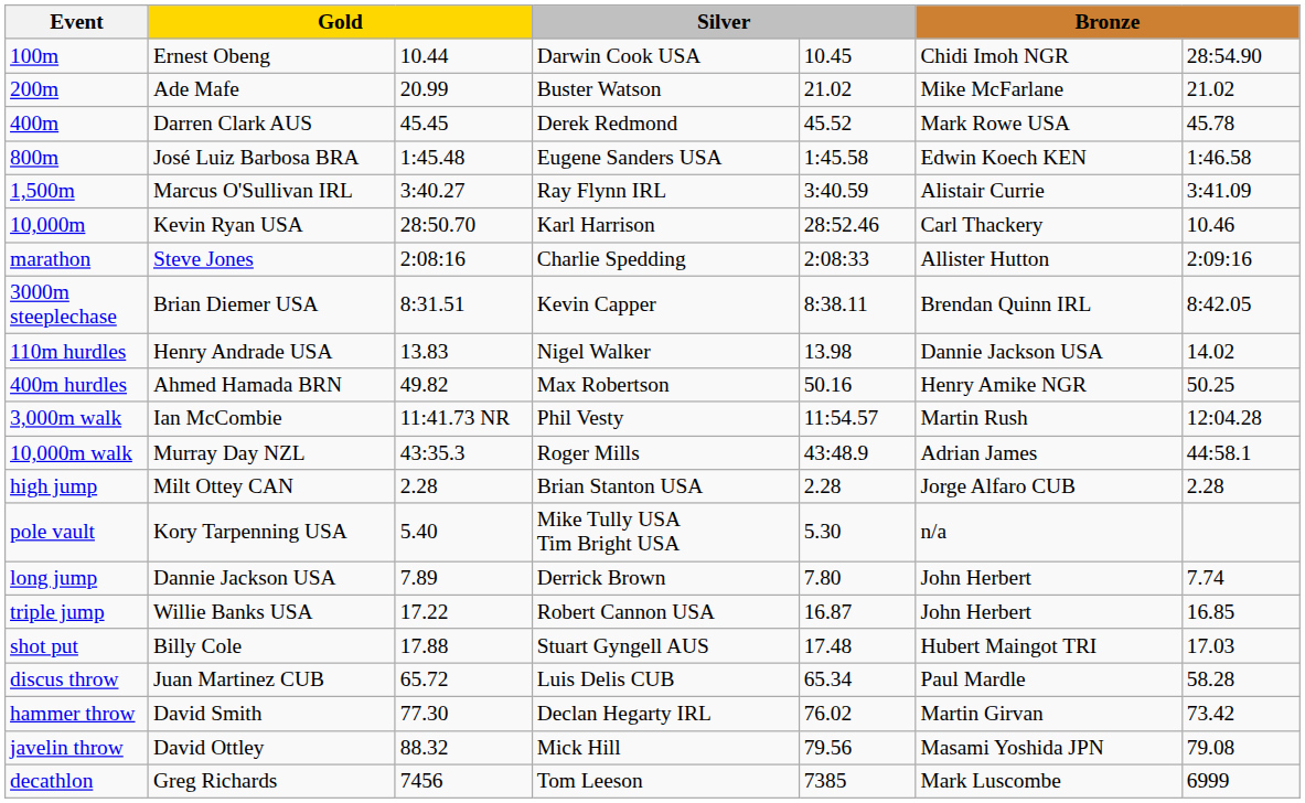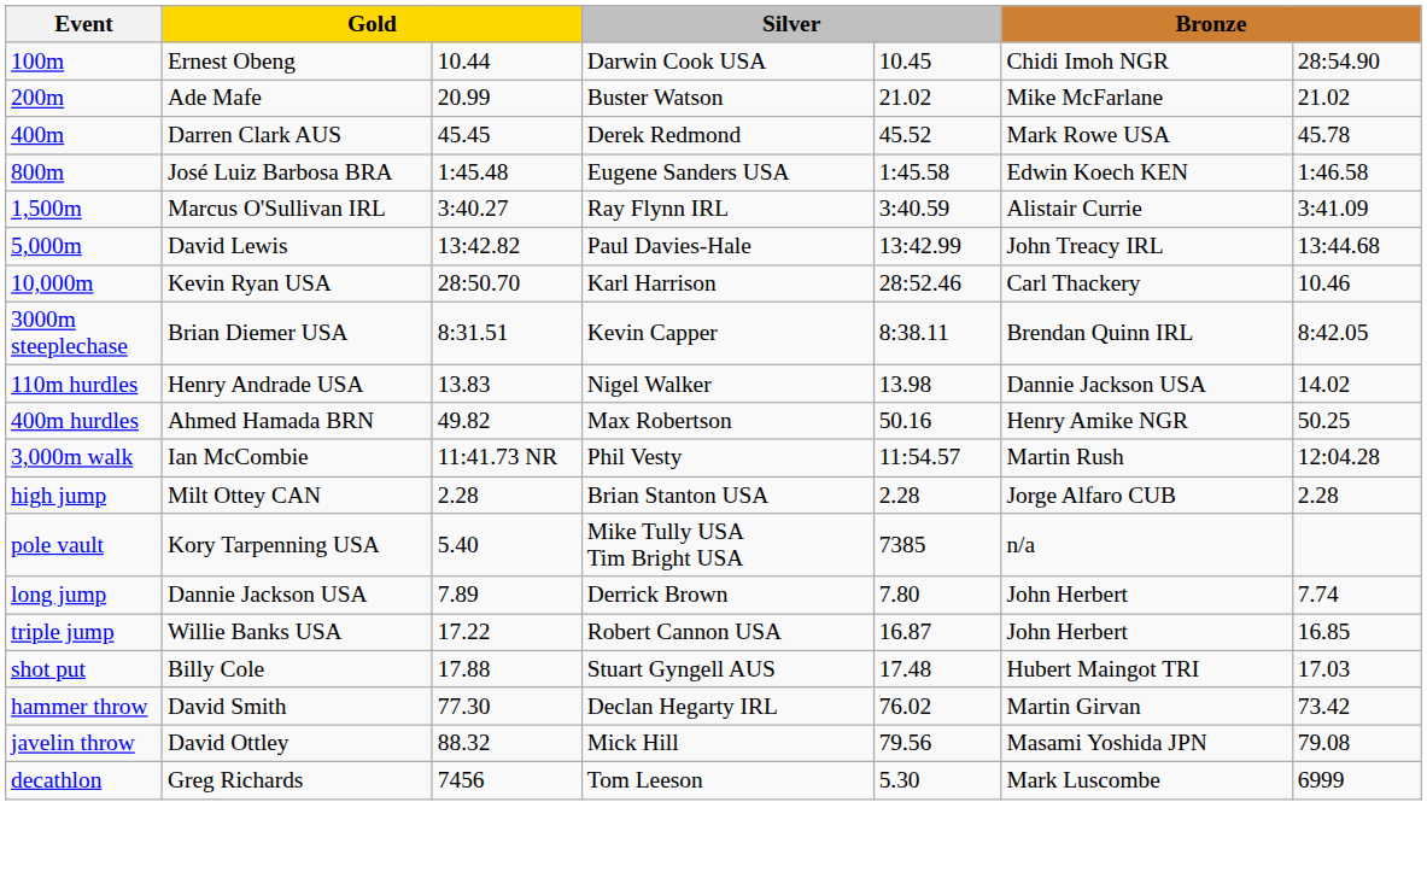 <table class="wikitable" style="text-align:left">
 <tr>
 <th width=100>Event</th>
 <th colspan="2" width="280" style="background:gold;">Gold</th>
 <th colspan="2" width="280" style="background:silver;">Silver</th>
 <th colspan="2" width="280" style="background:#CD7F32;">Bronze</th>
 </tr>
 <tr>
 <td><a href='#'>100m</a></td>
 <td>Ernest Obeng</td>
 <td>10.44</td>
 <td>Darwin Cook USA</td>
 <td>10.45</td>
 <td>Chidi Imoh NGR</td>
 <td>28:54.90</td>
 </tr>
 <tr>
 <td><a href='#'>200m</a></td>
 <td>Ade Mafe</td>
 <td>20.99</td>
 <td>Buster Watson</td>
 <td>21.02</td>
 <td>Mike McFarlane</td>
 <td>21.02</td>
 </tr>
 <tr>
 <td><a href='#'>400m</a></td>
 <td>Darren Clark AUS</td>
 <td>45.45</td>
 <td>Derek Redmond</td>
 <td>45.52</td>
 <td>Mark Rowe USA</td>
 <td>45.78</td>
 </tr>
 <tr>
 <td><a href='#'>800m</a></td>
 <td>José Luiz Barbosa BRA</td>
 <td>1:45.48</td>
 <td>Eugene Sanders USA</td>
 <td>1:45.58</td>
 <td>Edwin Koech KEN</td>
 <td>1:46.58</td>
 </tr>
 <tr>
 <td><a href='#'>1,500m</a></td>
 <td>Marcus O'Sullivan IRL</td>
 <td>3:40.27</td>
 <td>Ray Flynn IRL</td>
 <td>3:40.59</td>
 <td> Alistair Currie</td>
 <td>3:41.09</td>
 </tr>
 <tr>
+<td><a href='#'>5,000m</a></td>
+<td>David Lewis</td>
+<td>13:42.82</td>
+<td>Paul Davies-Hale</td>
+<td>13:42.99</td>
+<td>John Treacy IRL</td>
+<td>13:44.68</td>
+</tr>
+<tr>
 <td><a href='#'>10,000m</a></td>
 <td>Kevin Ryan USA</td>
 <td>28:50.70</td>
 <td>Karl Harrison</td>
 <td>28:52.46</td>
 <td>Carl Thackery</td>
 <td>10.46</td>
-</tr>
-<tr>
-<td><a href='#'>marathon</a></td>
-<td> <a href='#'>Steve Jones</a></td>
-<td>2:08:16</td>
-<td>Charlie Spedding</td>
-<td>2:08:33</td>
-<td> Allister Hutton</td>
-<td>2:09:16</td>
 </tr>
 <tr>
 <td><a href='#'>3000m steeplechase</a></td>
 <td>Brian Diemer USA</td>
 <td>8:31.51</td>
 <td>Kevin Capper</td>
 <td>8:38.11</td>
 <td>Brendan Quinn IRL</td>
 <td>8:42.05</td>
 </tr>
 <tr>
 <td><a href='#'>110m hurdles</a></td>
 <td>Henry Andrade USA</td>
 <td>13.83</td>
 <td>Nigel Walker</td>
 <td>13.98</td>
 <td>Dannie Jackson USA</td>
 <td>14.02</td>
 </tr>
 <tr>
 <td><a href='#'>400m hurdles</a></td>
 <td>Ahmed Hamada BRN</td>
 <td>49.82</td>
 <td>Max Robertson</td>
 <td>50.16</td>
 <td>Henry Amike NGR</td>
 <td>50.25</td>
 </tr>
 <tr>
 <td><a href='#'>3,000m walk</a></td>
 <td>Ian McCombie</td>
 <td>11:41.73 NR</td>
 <td>Phil Vesty</td>
 <td>11:54.57</td>
 <td>Martin Rush</td>
 <td>12:04.28</td>
 </tr>
 <tr>
-<td><a href='#'>10,000m walk</a></td>
-<td>Murray Day NZL</td>
-<td>43:35.3</td>
-<td>Roger Mills</td>
-<td>43:48.9</td>
-<td>Adrian James</td>
-<td>44:58.1</td>
-</tr>
-<tr>
 <td><a href='#'>high jump</a></td>
 <td>Milt Ottey CAN</td>
 <td>2.28</td>
 <td>Brian Stanton USA</td>
 <td>2.28</td>
 <td>Jorge Alfaro CUB</td>
 <td>2.28</td>
 </tr>
 <tr>
 <td><a href='#'>pole vault</a></td>
 <td>Kory Tarpenning USA</td>
 <td>5.40</td>
 <td>Mike Tully USA <br>Tim Bright USA</td>
-<td>5.30</td>
+<td>7385</td>
 <td>n/a</td>
 <td></td>
 </tr>
 <tr>
 <td><a href='#'>long jump</a></td>
 <td>Dannie Jackson USA</td>
 <td>7.89</td>
 <td>Derrick Brown</td>
 <td>7.80</td>
 <td>John Herbert</td>
 <td>7.74</td>
 </tr>
 <tr>
 <td><a href='#'>triple jump</a></td>
 <td>Willie Banks USA</td>
 <td>17.22</td>
 <td>Robert Cannon USA</td>
 <td>16.87</td>
 <td>John Herbert</td>
 <td>16.85</td>
 </tr>
 <tr>
 <td><a href='#'>shot put</a></td>
 <td>Billy Cole</td>
 <td>17.88</td>
 <td>Stuart Gyngell AUS</td>
 <td>17.48</td>
 <td>Hubert Maingot TRI</td>
 <td>17.03</td>
 </tr>
 <tr>
-<td><a href='#'>discus throw</a></td>
-<td>Juan Martinez CUB</td>
-<td>65.72</td>
-<td>Luis Delis CUB</td>
-<td>65.34</td>
-<td>Paul Mardle</td>
-<td>58.28</td>
-</tr>
-<tr>
 <td><a href='#'>hammer throw</a></td>
 <td>David Smith</td>
 <td>77.30</td>
 <td>Declan Hegarty IRL</td>
 <td>76.02</td>
 <td>Martin Girvan</td>
 <td>73.42</td>
 </tr>
 <tr>
 <td><a href='#'>javelin throw</a></td>
 <td>David Ottley</td>
 <td>88.32</td>
 <td>Mick Hill</td>
 <td>79.56</td>
 <td>Masami Yoshida JPN</td>
 <td>79.08</td>
 </tr>
 <tr>
 <td><a href='#'>decathlon</a></td>
 <td>Greg Richards</td>
 <td>7456</td>
 <td>Tom Leeson</td>
-<td>7385</td>
+<td>5.30</td>
 <td>Mark Luscombe</td>
 <td>6999</td>
 </tr>
 </table>
